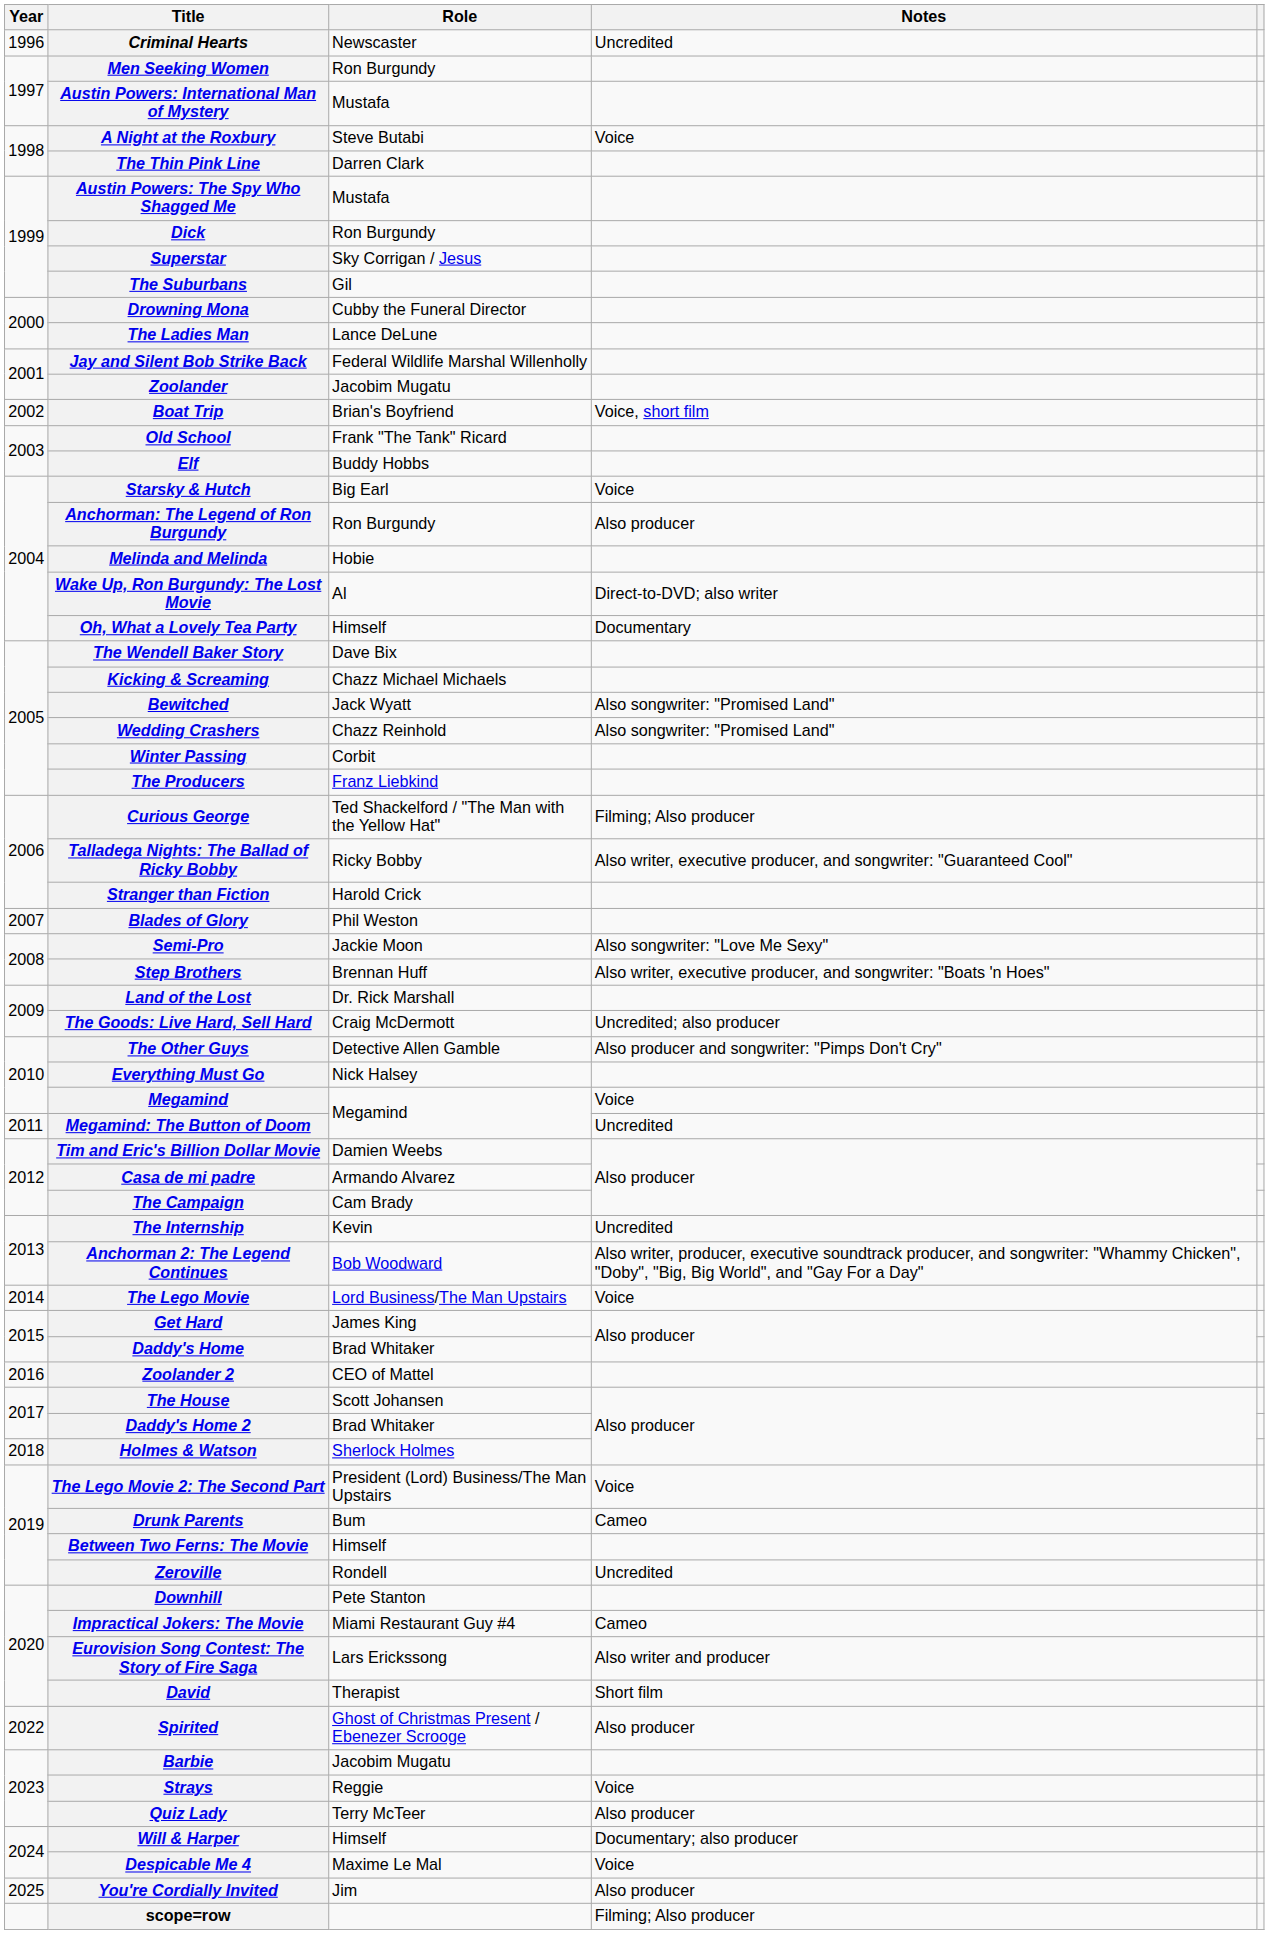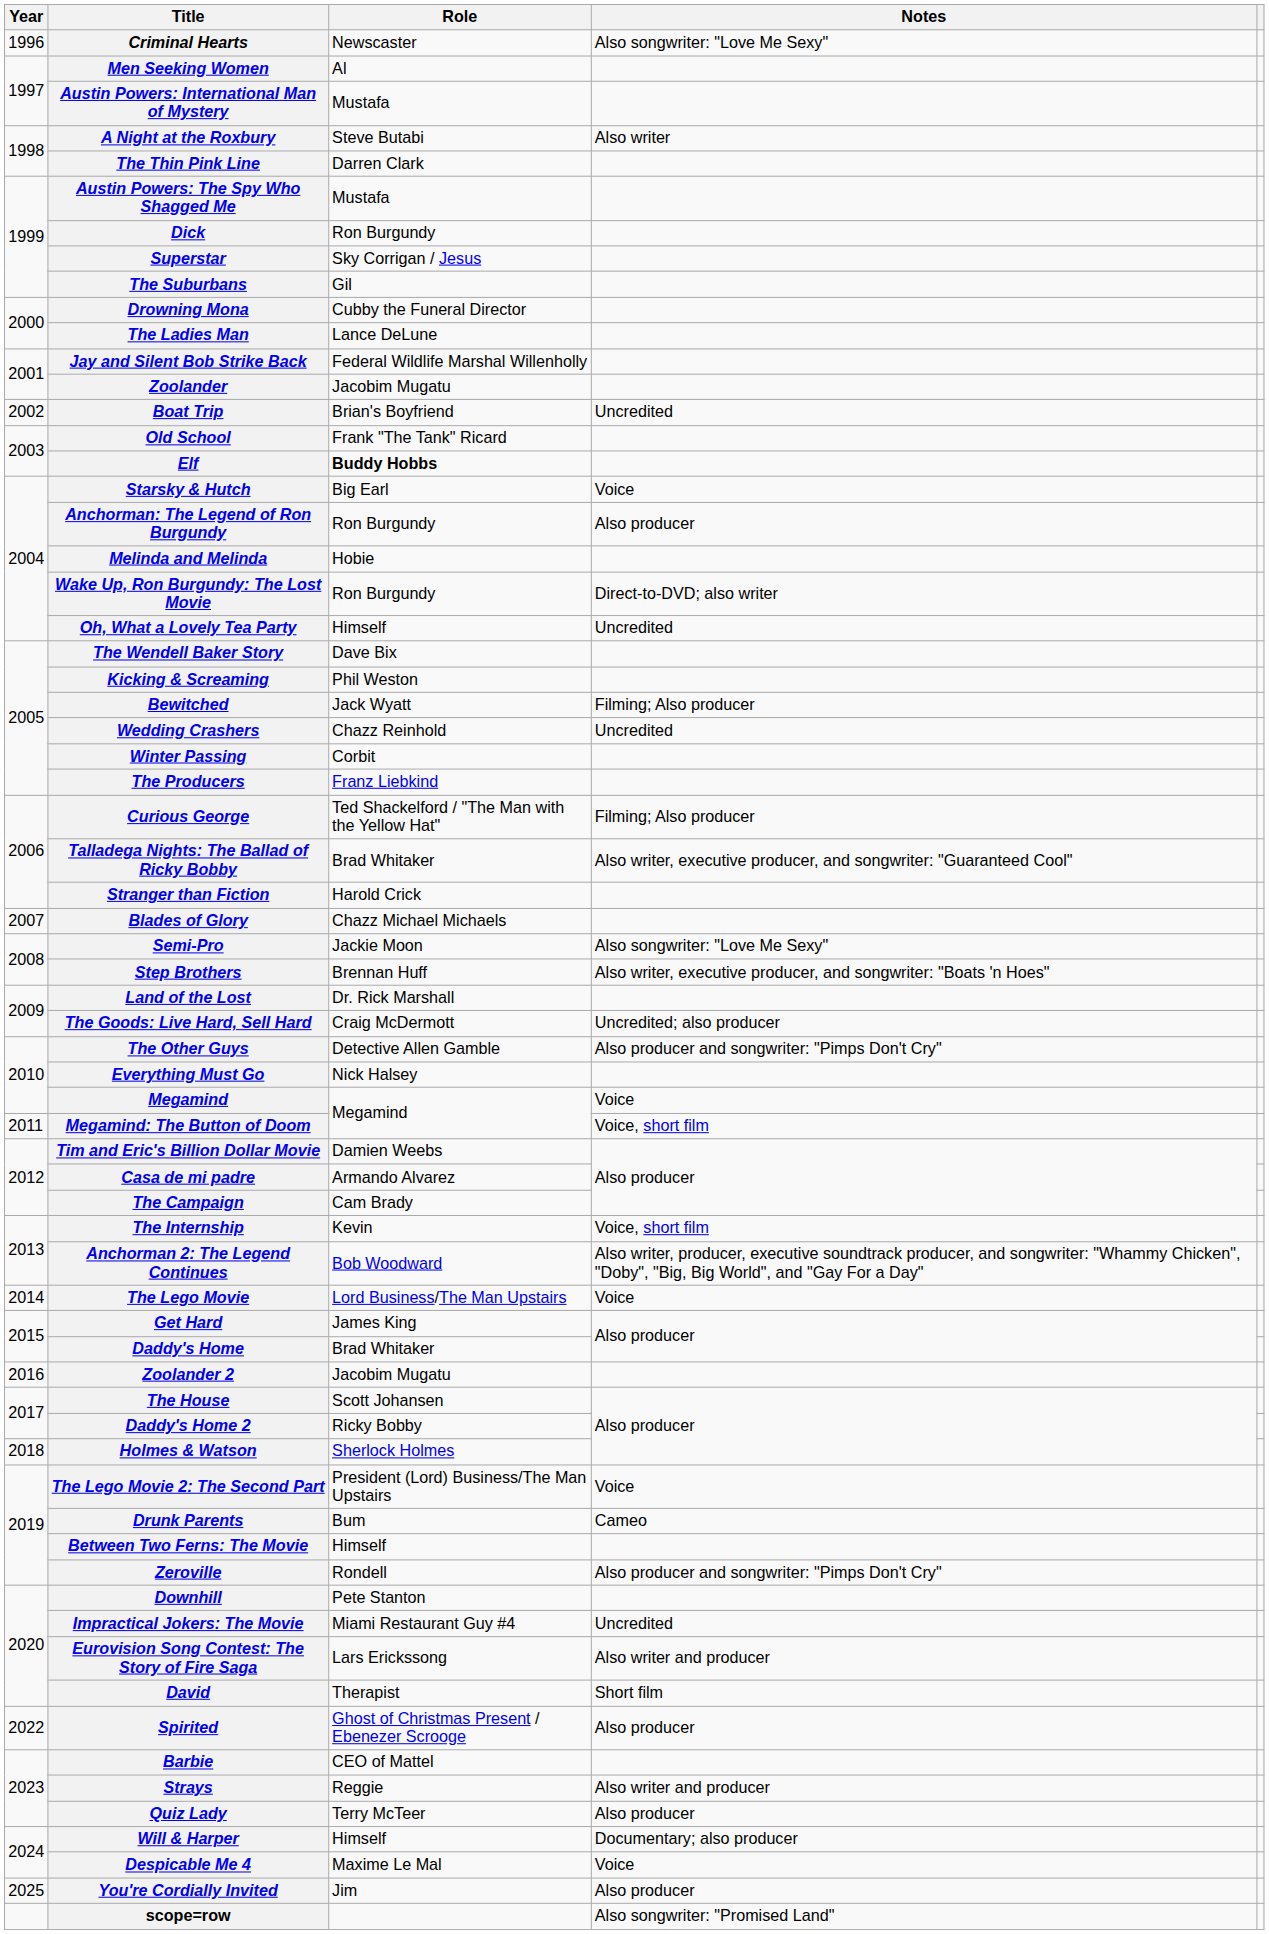 <table class="wikitable plainrowheaders sortable">
 <tr>
 <th scope="col">Year</th>
 <th scope="col">Title</th>
 <th scope="col">Role</th>
 <th scope="col" class="unsortable">Notes</th>
 <th scope="col" class="unsortable"></th>
 </tr>
 <tr>
 <td>1996</td>
 <th scope=row><em>Criminal Hearts</em></th>
 <td>Newscaster</td>
-<td>Uncredited</td>
+<td>Also songwriter: "Love Me Sexy"</td>
 <td style="text-align:center;"></td>
 </tr>
 <tr>
 <td rowspan="2">1997</td>
 <th scope=row><em><a href='#'>Men Seeking Women</a></em></th>
-<td>Ron Burgundy</td>
+<td>Al</td>
 <td></td>
 <td style="text-align:center;"></td>
 </tr>
 <tr>
 <th scope=row><em><a href='#'>Austin Powers: International Man of Mystery</a></em></th>
 <td>Mustafa</td>
 <td></td>
 <td style="text-align:center;"></td>
 </tr>
 <tr>
 <td rowspan="2">1998</td>
 <th scope=row><em><a href='#'>A Night at the Roxbury</a></em></th>
 <td>Steve Butabi</td>
-<td>Voice</td>
+<td>Also writer</td>
 <td style="text-align:center;"></td>
 </tr>
 <tr>
 <th scope=row><em><a href='#'>The Thin Pink Line</a></em></th>
 <td>Darren Clark</td>
 <td></td>
 <td style="text-align:center;"></td>
 </tr>
 <tr>
 <td rowspan="4">1999</td>
 <th scope=row><em><a href='#'>Austin Powers: The Spy Who Shagged Me</a></em></th>
 <td>Mustafa</td>
 <td></td>
 <td style="text-align:center;"></td>
 </tr>
 <tr>
 <th scope=row><em><a href='#'>Dick</a></em></th>
 <td>Ron Burgundy</td>
 <td></td>
 <td style="text-align:center;"></td>
 </tr>
 <tr>
 <th scope=row><em><a href='#'>Superstar</a></em></th>
 <td>Sky Corrigan / <a href='#'>Jesus</a></td>
 <td></td>
 <td style="text-align:center;"></td>
 </tr>
 <tr>
 <th scope=row><em><a href='#'>The Suburbans</a></em></th>
 <td>Gil</td>
 <td></td>
 <td style="text-align:center;"></td>
 </tr>
 <tr>
 <td rowspan="2">2000</td>
 <th scope=row><em><a href='#'>Drowning Mona</a></em></th>
 <td>Cubby the Funeral Director</td>
 <td></td>
 <td style="text-align:center;"></td>
 </tr>
 <tr>
 <th scope=row><em><a href='#'>The Ladies Man</a></em></th>
 <td>Lance DeLune</td>
 <td></td>
 <td style="text-align:center;"></td>
 </tr>
 <tr>
 <td rowspan="2">2001</td>
 <th scope=row><em><a href='#'>Jay and Silent Bob Strike Back</a></em></th>
 <td>Federal Wildlife Marshal Willenholly</td>
 <td></td>
 <td></td>
 </tr>
 <tr>
 <th scope=row><em><a href='#'>Zoolander</a></em></th>
 <td>Jacobim Mugatu</td>
 <td></td>
 <td style="text-align:center;"></td>
 </tr>
 <tr>
 <td>2002</td>
 <th scope=row><em><a href='#'>Boat Trip</a></em></th>
 <td>Brian's Boyfriend</td>
-<td>Voice, <a href='#'>short film</a></td>
+<td>Uncredited</td>
 <td style="text-align:center;"></td>
 </tr>
 <tr>
 <td rowspan="2">2003</td>
 <th scope=row><em><a href='#'>Old School</a></em></th>
 <td>Frank "The Tank" Ricard</td>
 <td></td>
 <td style="text-align:center;"></td>
 </tr>
 <tr>
 <th scope=row><em><a href='#'>Elf</a></em></th>
-<td>Buddy Hobbs</td>
+<td><strong>Buddy Hobbs</strong></td>
 <td></td>
 <td style="text-align:center;"></td>
 </tr>
 <tr>
 <td rowspan="5">2004</td>
 <th scope=row><em><a href='#'>Starsky & Hutch</a></em></th>
 <td>Big Earl</td>
 <td>Voice</td>
 <td style="text-align:center;"></td>
 </tr>
 <tr>
 <th scope=row><em><a href='#'>Anchorman: The Legend of Ron Burgundy</a></em></th>
 <td>Ron Burgundy</td>
 <td>Also producer</td>
 <td style="text-align:center;"></td>
 </tr>
 <tr>
 <th scope=row><em><a href='#'>Melinda and Melinda</a></em></th>
 <td>Hobie</td>
 <td></td>
 <td style="text-align:center;"></td>
 </tr>
 <tr>
 <th scope=row><em><a href='#'>Wake Up, Ron Burgundy: The Lost Movie</a></em></th>
-<td>Al</td>
+<td>Ron Burgundy</td>
 <td>Direct-to-DVD; also writer</td>
 <td style="text-align:center;"></td>
 </tr>
 <tr>
 <th scope=row><em><a href='#'>Oh, What a Lovely Tea Party</a></em></th>
 <td>Himself</td>
-<td>Documentary</td>
+<td>Uncredited</td>
 <td style="text-align:center;"></td>
 </tr>
 <tr>
 <td rowspan="6">2005</td>
 <th scope=row><em><a href='#'>The Wendell Baker Story</a></em></th>
 <td>Dave Bix</td>
 <td></td>
 <td style="text-align:center;"></td>
 </tr>
 <tr>
 <th scope=row><em><a href='#'>Kicking & Screaming</a></em></th>
-<td>Chazz Michael Michaels</td>
+<td>Phil Weston</td>
 <td></td>
 <td style="text-align:center;"></td>
 </tr>
 <tr>
 <th scope=row><em><a href='#'>Bewitched</a></em></th>
 <td>Jack Wyatt</td>
-<td>Also songwriter: "Promised Land"</td>
+<td>Filming; Also producer</td>
 <td style="text-align:center;"></td>
 </tr>
 <tr>
 <th scope=row><em><a href='#'>Wedding Crashers</a></em></th>
 <td>Chazz Reinhold</td>
-<td>Also songwriter: "Promised Land"</td>
+<td>Uncredited</td>
 <td style="text-align:center;"></td>
 </tr>
 <tr>
 <th scope=row><em><a href='#'>Winter Passing</a></em></th>
 <td>Corbit</td>
 <td></td>
 <td style="text-align:center;"></td>
 </tr>
 <tr>
 <th scope=row><em><a href='#'>The Producers</a></em></th>
 <td><a href='#'>Franz Liebkind</a></td>
 <td></td>
 <td style="text-align:center;"></td>
 </tr>
 <tr>
 <td rowspan="3">2006</td>
 <th scope=row><em><a href='#'>Curious George</a></em></th>
 <td>Ted Shackelford / "The Man with the Yellow Hat"</td>
 <td>Filming; Also producer</td>
 <td style="text-align:center;"></td>
 </tr>
 <tr>
 <th scope=row><em><a href='#'>Talladega Nights: The Ballad of Ricky Bobby</a></em></th>
-<td>Ricky Bobby</td>
+<td>Brad Whitaker</td>
 <td>Also writer, executive producer, and songwriter: "Guaranteed Cool"</td>
 <td style="text-align:center;"></td>
 </tr>
 <tr>
 <th scope=row><em><a href='#'>Stranger than Fiction</a></em></th>
 <td>Harold Crick</td>
 <td></td>
 <td style="text-align:center;"></td>
 </tr>
 <tr>
 <td>2007</td>
 <th scope=row><em><a href='#'>Blades of Glory</a></em></th>
-<td>Phil Weston</td>
+<td>Chazz Michael Michaels</td>
 <td></td>
 <td style="text-align:center;"></td>
 </tr>
 <tr>
 <td rowspan="2">2008</td>
 <th scope=row><em><a href='#'>Semi-Pro</a></em></th>
 <td>Jackie Moon</td>
 <td>Also songwriter: "Love Me Sexy"</td>
 <td style="text-align:center;"></td>
 </tr>
 <tr>
 <th scope=row><em><a href='#'>Step Brothers</a></em></th>
 <td>Brennan Huff</td>
 <td>Also writer, executive producer, and songwriter: "Boats 'n Hoes"</td>
 <td style="text-align:center;"></td>
 </tr>
 <tr>
 <td rowspan="2">2009</td>
 <th scope=row><em><a href='#'>Land of the Lost</a></em></th>
 <td>Dr. Rick Marshall</td>
 <td></td>
 <td style="text-align:center;"></td>
 </tr>
 <tr>
 <th scope=row><em><a href='#'>The Goods: Live Hard, Sell Hard</a></em></th>
 <td>Craig McDermott</td>
 <td>Uncredited; also producer</td>
 <td style="text-align:center;"></td>
 </tr>
 <tr>
 <td rowspan="3">2010</td>
 <th scope=row><em><a href='#'>The Other Guys</a></em></th>
 <td>Detective Allen Gamble</td>
 <td>Also producer and songwriter: "Pimps Don't Cry"</td>
 <td style="text-align:center;"></td>
 </tr>
 <tr>
 <th scope=row><em><a href='#'>Everything Must Go</a></em></th>
 <td>Nick Halsey</td>
 <td></td>
 <td style="text-align:center;"></td>
 </tr>
 <tr>
 <th scope=row><em><a href='#'>Megamind</a></em></th>
 <td rowspan="2">Megamind</td>
 <td>Voice</td>
 <td style="text-align:center;"></td>
 </tr>
 <tr>
 <td>2011</td>
 <th scope=row><em><a href='#'>Megamind: The Button of Doom</a></em></th>
-<td>Uncredited</td>
+<td>Voice, <a href='#'>short film</a></td>
 <td style="text-align:center;"></td>
 </tr>
 <tr>
 <td rowspan="3">2012</td>
 <th scope=row><em><a href='#'>Tim and Eric's Billion Dollar Movie</a></em></th>
 <td>Damien Weebs</td>
 <td rowspan="3">Also producer</td>
 <td style="text-align:center;"></td>
 </tr>
 <tr>
 <th scope=row><em><a href='#'>Casa de mi padre</a></em></th>
 <td>Armando Alvarez</td>
 <td style="text-align:center;"></td>
 </tr>
 <tr>
 <th scope=row><em><a href='#'>The Campaign</a></em></th>
 <td>Cam Brady</td>
 <td style="text-align:center;"></td>
 </tr>
 <tr>
 <td rowspan="2">2013</td>
 <th scope=row><em><a href='#'>The Internship</a></em></th>
 <td>Kevin</td>
-<td>Uncredited</td>
+<td>Voice, <a href='#'>short film</a></td>
 <td style="text-align:center;"></td>
 </tr>
 <tr>
 <th scope=row><em><a href='#'>Anchorman 2: The Legend Continues</a></em></th>
 <td><a href='#'>Bob Woodward</a></td>
 <td>Also writer, producer, executive soundtrack producer, and songwriter: "Whammy Chicken", "Doby", "Big, Big World", and "Gay For a Day"</td>
 <td style="text-align:center;"></td>
 </tr>
 <tr>
 <td>2014</td>
 <th scope=row><em><a href='#'>The Lego Movie</a></em></th>
 <td><a href='#'>Lord Business</a>/<a href='#'>The Man Upstairs</a></td>
 <td>Voice</td>
 <td style="text-align:center;"></td>
 </tr>
 <tr>
 <td rowspan="2">2015</td>
 <th scope=row><em><a href='#'>Get Hard</a></em></th>
 <td>James King</td>
 <td rowspan="2">Also producer</td>
 <td style="text-align:center;"></td>
 </tr>
 <tr>
 <th scope=row><em><a href='#'>Daddy's Home</a></em></th>
 <td>Brad Whitaker</td>
 <td style="text-align:center;"></td>
 </tr>
 <tr>
 <td>2016</td>
 <th scope=row><em><a href='#'>Zoolander 2</a></em></th>
-<td>CEO of Mattel</td>
+<td>Jacobim Mugatu</td>
 <td></td>
 <td style="text-align:center;"></td>
 </tr>
 <tr>
 <td rowspan="2">2017</td>
 <th scope=row><em><a href='#'>The House</a></em></th>
 <td>Scott Johansen</td>
 <td rowspan="3">Also producer</td>
 <td style="text-align:center;"></td>
 </tr>
 <tr>
 <th scope=row><em><a href='#'>Daddy's Home 2</a></em></th>
-<td>Brad Whitaker</td>
+<td>Ricky Bobby</td>
 <td style="text-align:center;"></td>
 </tr>
 <tr>
 <td>2018</td>
 <th scope=row><em><a href='#'>Holmes & Watson</a></em></th>
 <td><a href='#'>Sherlock Holmes</a></td>
 <td style="text-align:center;"></td>
 </tr>
 <tr>
 <td rowspan="4">2019</td>
 <th scope=row><em><a href='#'>The Lego Movie 2: The Second Part</a></em></th>
 <td>President (Lord) Business/The Man Upstairs</td>
 <td>Voice</td>
 <td style="text-align:center;"></td>
 </tr>
 <tr>
 <th scope=row><em><a href='#'>Drunk Parents</a></em></th>
 <td>Bum</td>
 <td>Cameo</td>
 <td style="text-align:center;"></td>
 </tr>
 <tr>
 <th scope=row><em><a href='#'>Between Two Ferns: The Movie</a></em></th>
 <td>Himself</td>
 <td></td>
 <td style="text-align:center;"></td>
 </tr>
 <tr>
 <th scope=row><em><a href='#'>Zeroville</a></em></th>
 <td>Rondell</td>
-<td>Uncredited</td>
+<td>Also producer and songwriter: "Pimps Don't Cry"</td>
 <td style="text-align:center;"></td>
 </tr>
 <tr>
 <td rowspan="4">2020</td>
 <th scope=row><em><a href='#'>Downhill</a></em></th>
 <td>Pete Stanton</td>
 <td></td>
 <td style="text-align:center;"></td>
 </tr>
 <tr>
 <th scope=row><em><a href='#'>Impractical Jokers: The Movie</a></em></th>
 <td>Miami Restaurant Guy #4</td>
-<td>Cameo</td>
+<td>Uncredited</td>
 <td style="text-align:center;"></td>
 </tr>
 <tr>
 <th scope=row><em><a href='#'>Eurovision Song Contest: The Story of Fire Saga</a></em></th>
 <td>Lars Erickssong</td>
 <td>Also writer and producer</td>
 <td style="text-align:center;"></td>
 </tr>
 <tr>
 <th scope=row><em><a href='#'>David</a></em></th>
 <td>Therapist</td>
 <td>Short film</td>
 <td style="text-align:center;"></td>
 </tr>
 <tr>
 <td>2022</td>
 <th scope=row><em><a href='#'>Spirited</a></em></th>
 <td><a href='#'>Ghost of Christmas Present</a> / <a href='#'>Ebenezer Scrooge</a></td>
 <td>Also producer</td>
 <td style="text-align:center;"></td>
 </tr>
 <tr>
 <td rowspan="3">2023</td>
 <th scope=row><em><a href='#'>Barbie</a></em></th>
-<td>Jacobim Mugatu</td>
+<td>CEO of Mattel</td>
 <td></td>
 <td style="text-align:center;"></td>
 </tr>
 <tr>
 <th scope=row><em><a href='#'>Strays</a></em></th>
 <td>Reggie</td>
-<td>Voice</td>
+<td>Also writer and producer</td>
 <td style="text-align:center;"></td>
 </tr>
 <tr>
 <th scope=row><em><a href='#'>Quiz Lady</a></em></th>
 <td>Terry McTeer</td>
 <td>Also producer</td>
 <td style="text-align:center;"></td>
 </tr>
 <tr>
 <td rowspan="2">2024</td>
 <th scope=row><em><a href='#'>Will & Harper</a></em></th>
 <td>Himself</td>
 <td>Documentary; also producer</td>
 <td style="text-align:center;"></td>
 </tr>
 <tr>
 <th scope=row><em><a href='#'>Despicable Me 4</a></em></th>
 <td>Maxime Le Mal</td>
 <td>Voice</td>
 <td style="text-align:center;"></td>
 </tr>
 <tr>
 <td>2025</td>
 <th scope=row><em><a href='#'>You're Cordially Invited</a></em></th>
 <td>Jim</td>
 <td>Also producer</td>
 <td style="text-align:center;"></td>
 </tr>
 <tr>
 <td></td>
 <th>scope=row </th>
 <td></td>
-<td>Filming; Also producer</td>
+<td>Also songwriter: "Promised Land"</td>
 <td style="text-align:center;"></td>
 </tr>
 </table>
